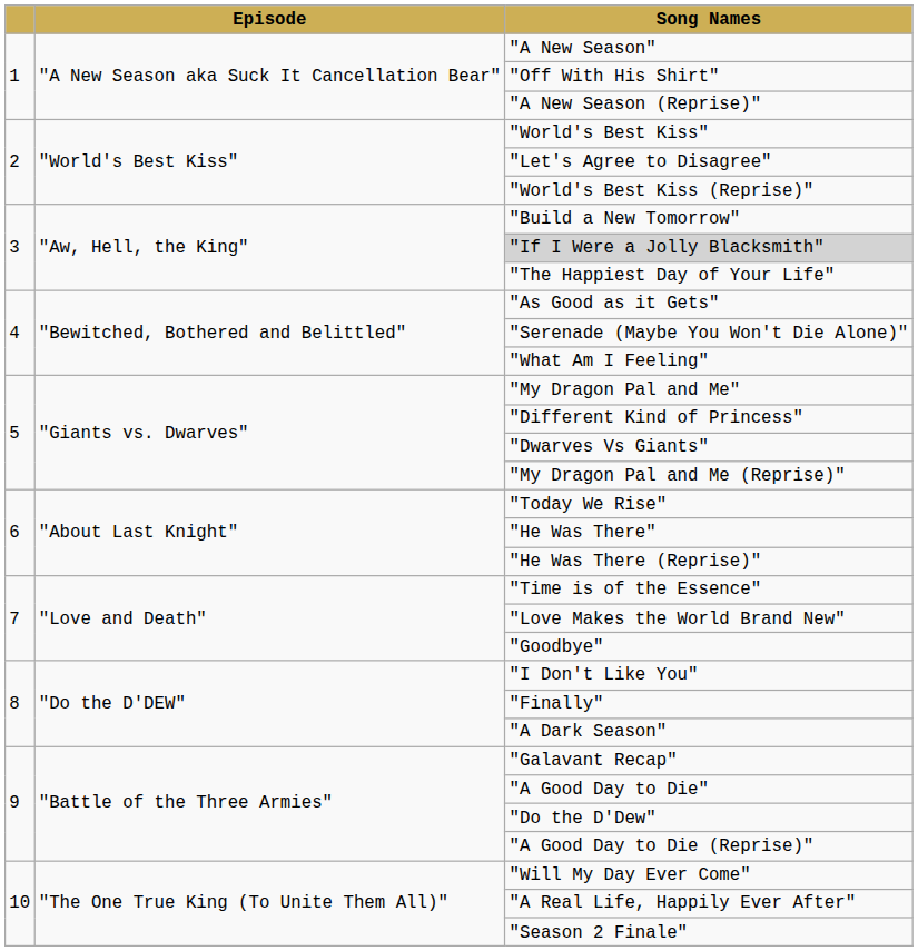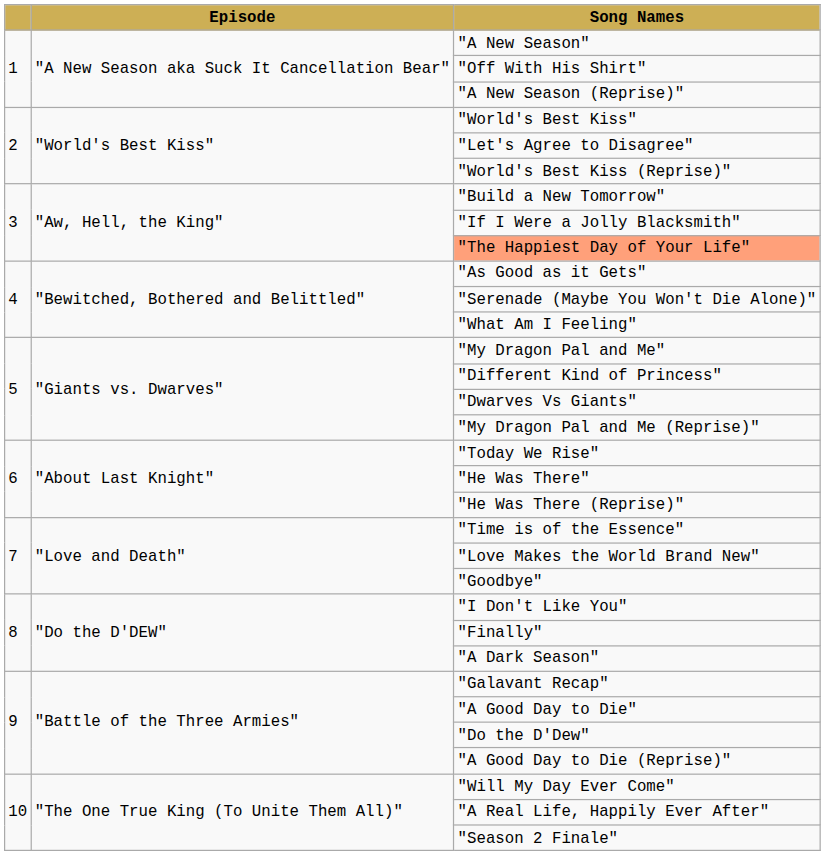 <table class="wikitable plainrowheaders collapsible collapsed">
 <tr style="color:white;">
 <th style="background:#cdaf55; color:#000;"></th>
 <th style="background:#cdaf55; color:#000;">Episode</th>
 <th style="background:#cdaf55; color:#000;">Song Names</th>
 </tr>
 <tr>
 <td rowspan="3">1</td>
 <td rowspan="3">"A New Season aka Suck It Cancellation Bear"</td>
 <td>"A New Season"</td>
 </tr>
 <tr>
 <td>"Off With His Shirt"</td>
 </tr>
 <tr>
 <td>"A New Season (Reprise)"</td>
 </tr>
 <tr>
 <td rowspan="3">2</td>
 <td rowspan="3">"World's Best Kiss"</td>
 <td>"World's Best Kiss"</td>
 </tr>
 <tr>
 <td>"Let's Agree to Disagree"</td>
 </tr>
 <tr>
 <td>"World's Best Kiss (Reprise)"</td>
 </tr>
 <tr>
 <td rowspan="3">3</td>
 <td rowspan="3">"Aw, Hell, the King"</td>
 <td>"Build a New Tomorrow"</td>
 </tr>
 <tr>
-<td style="background: lightgrey;">"If I Were a Jolly Blacksmith"</td>
+<td>"If I Were a Jolly Blacksmith"</td>
 </tr>
 <tr>
-<td>"The Happiest Day of Your Life"</td>
+<td style="background: lightsalmon;">"The Happiest Day of Your Life"</td>
 </tr>
 <tr>
 <td rowspan="3">4</td>
 <td rowspan="3">"Bewitched, Bothered and Belittled"</td>
 <td>"As Good as it Gets"</td>
 </tr>
 <tr>
 <td>"Serenade (Maybe You Won't Die Alone)"</td>
 </tr>
 <tr>
 <td>"What Am I Feeling"</td>
 </tr>
 <tr>
 <td rowspan="4">5</td>
 <td rowspan="4">"Giants vs. Dwarves"</td>
 <td>"My Dragon Pal and Me"</td>
 </tr>
 <tr>
 <td>"Different Kind of Princess"</td>
 </tr>
 <tr>
 <td>"Dwarves Vs Giants"</td>
 </tr>
 <tr>
 <td>"My Dragon Pal and Me (Reprise)"</td>
 </tr>
 <tr>
 <td rowspan="3">6</td>
 <td rowspan="3">"About Last Knight"</td>
 <td>"Today We Rise"</td>
 </tr>
 <tr>
 <td>"He Was There"</td>
 </tr>
 <tr>
 <td>"He Was There (Reprise)"</td>
 </tr>
 <tr>
 <td rowspan="3">7</td>
 <td rowspan="3">"Love and Death"</td>
 <td>"Time is of the Essence"</td>
 </tr>
 <tr>
 <td>"Love Makes the World Brand New"</td>
 </tr>
 <tr>
 <td>"Goodbye"</td>
 </tr>
 <tr>
 <td rowspan="3">8</td>
 <td rowspan="3">"Do the D'DEW"</td>
 <td>"I Don't Like You"</td>
 </tr>
 <tr>
 <td>"Finally"</td>
 </tr>
 <tr>
 <td>"A Dark Season"</td>
 </tr>
 <tr>
 <td rowspan="4">9</td>
 <td rowspan="4">"Battle of the Three Armies"</td>
 <td>"Galavant Recap"</td>
 </tr>
 <tr>
 <td>"A Good Day to Die"</td>
 </tr>
 <tr>
 <td>"Do the D'Dew"</td>
 </tr>
 <tr>
 <td>"A Good Day to Die (Reprise)"</td>
 </tr>
 <tr>
 <td rowspan="3">10</td>
 <td rowspan="3">"The One True King (To Unite Them All)"</td>
 <td>"Will My Day Ever Come"</td>
 </tr>
 <tr>
 <td>"A Real Life, Happily Ever After"</td>
 </tr>
 <tr>
 <td>"Season 2 Finale"</td>
 </tr>
 </table>
